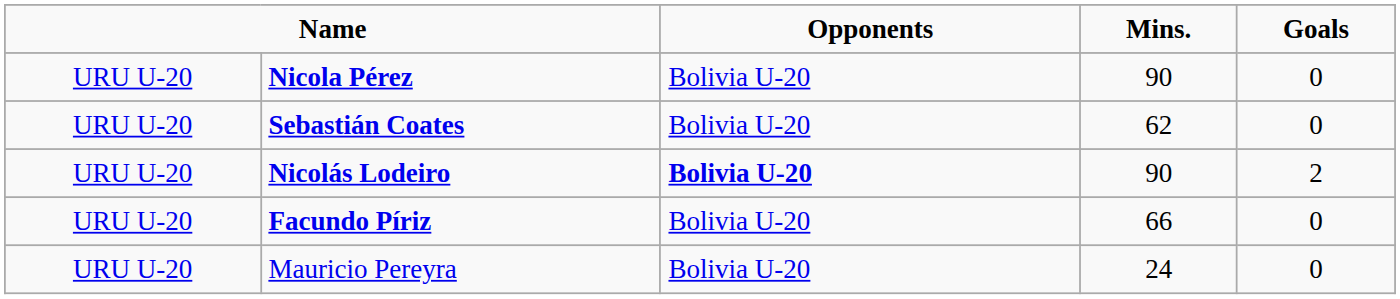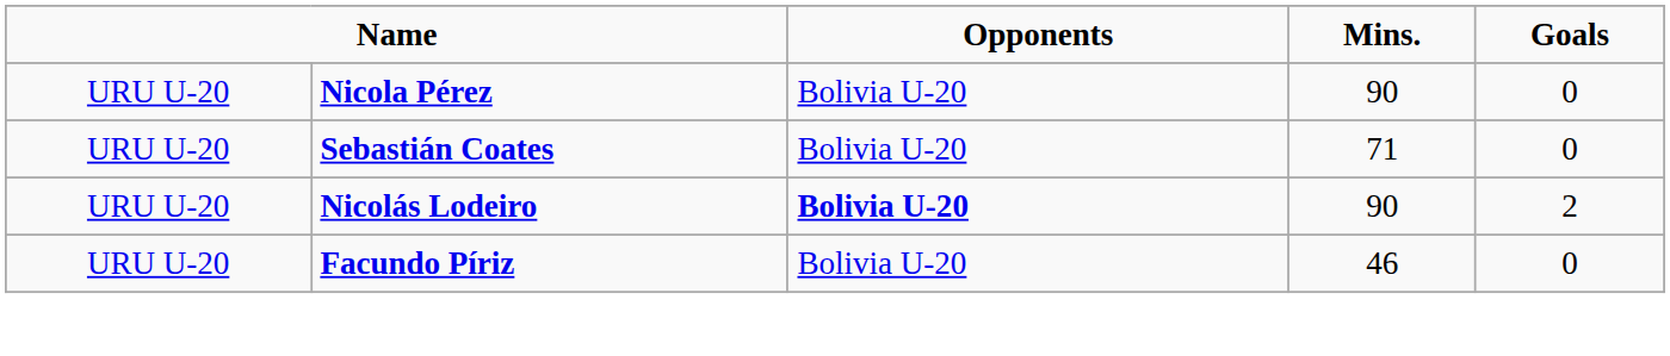 <table class= width=90% border="2" cellpadding="4" cellspacing="0" style="text-align=center: 1em 1em 1em 0; background: #f9f9f9; border: 1px #aaa solid; border-collapse: collapse; font-size: 95%;">
 <tr>
 <th width=25% colspan=2>Name</th>
 <th width=16%>Opponents</th>
 <th width=6%>Mins.</th>
 <th width=6%>Goals</th>
 </tr>
 <tr>
 <td align=center> <a href='#'>URU U-20</a></td>
 <td><strong><a href='#'>Nicola Pérez</a></strong></td>
 <td> <a href='#'>Bolivia U-20</a></td>
 <td align=center>90</td>
 <td align=center>0</td>
 </tr>
 <tr>
 <td align=center> <a href='#'>URU U-20</a></td>
 <td><strong><a href='#'>Sebastián Coates</a></strong></td>
 <td> <a href='#'>Bolivia U-20</a></td>
-<td align=center>62</td>
+<td align=center>71</td>
 <td align=center>0</td>
 </tr>
 <tr>
 <td align=center> <a href='#'>URU U-20</a></td>
 <td><strong><a href='#'>Nicolás Lodeiro</a></strong></td>
 <td><strong> <a href='#'>Bolivia U-20</a></strong></td>
 <td align=center>90</td>
 <td align=center>2</td>
 </tr>
 <tr>
 <td align=center> <a href='#'>URU U-20</a></td>
 <td><strong><a href='#'>Facundo Píriz</a></strong></td>
 <td> <a href='#'>Bolivia U-20</a></td>
-<td align=center>66</td>
-<td align=center>0</td>
-</tr>
-<tr>
-<td align=center> <a href='#'>URU U-20</a></td>
-<td><a href='#'>Mauricio Pereyra</a></td>
-<td> <a href='#'>Bolivia U-20</a></td>
-<td align=center>24</td>
+<td align=center>46</td>
 <td align=center>0</td>
 </tr>
 </table>
